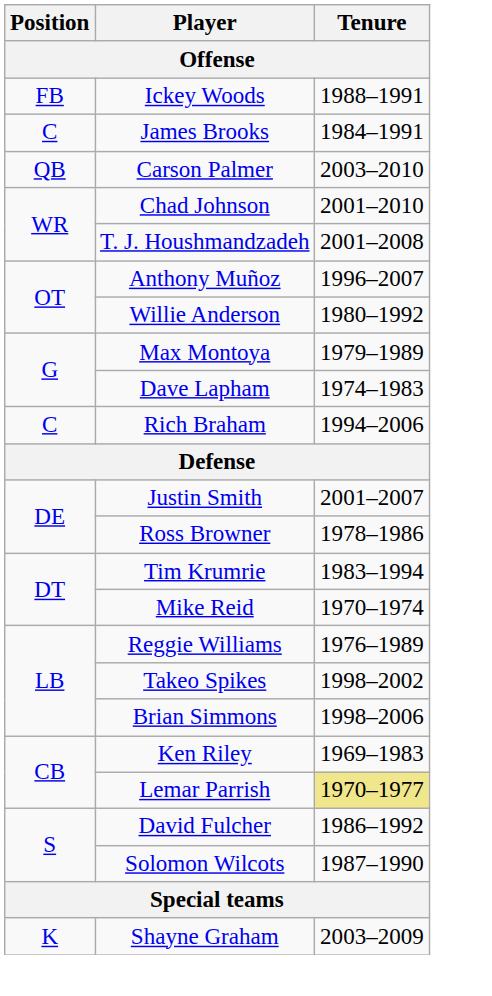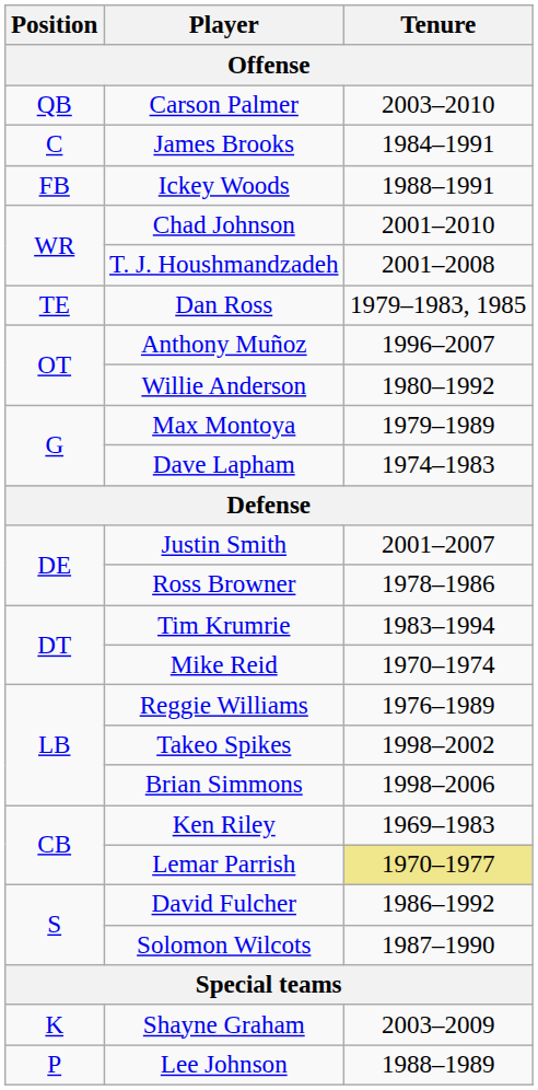 <table class="wikitable" style="text-align: center;">
 <tr>
 <th scope="col">Position</th>
 <th scope="col">Player</th>
 <th scope="col">Tenure</th>
 </tr>
 <tr>
 <th colspan="3">Offense</th>
 </tr>
 <tr>
-<td><a href='#'>FB</a></td>
-<td><a href='#'>Ickey Woods</a></td>
-<td>1988–1991</td>
+<td><a href='#'>QB</a></td>
+<td><a href='#'>Carson Palmer</a></td>
+<td>2003–2010</td>
 </tr>
 <tr>
 <td><a href='#'>C</a></td>
 <td><a href='#'>James Brooks</a></td>
 <td>1984–1991</td>
 </tr>
 <tr>
-<td><a href='#'>QB</a></td>
-<td><a href='#'>Carson Palmer</a></td>
-<td>2003–2010</td>
+<td><a href='#'>FB</a></td>
+<td><a href='#'>Ickey Woods</a></td>
+<td>1988–1991</td>
 </tr>
 <tr>
 <td rowspan="2"><a href='#'>WR</a></td>
 <td><a href='#'>Chad Johnson</a></td>
 <td>2001–2010</td>
 </tr>
 <tr>
 <td><a href='#'>T. J. Houshmandzadeh</a></td>
 <td>2001–2008</td>
+</tr>
+<tr>
+<td><a href='#'>TE</a></td>
+<td><a href='#'>Dan Ross</a></td>
+<td>1979–1983, 1985</td>
 </tr>
 <tr>
 <td rowspan="2"><a href='#'>OT</a></td>
 <td><a href='#'>Anthony Muñoz</a></td>
 <td>1996–2007</td>
 </tr>
 <tr>
 <td><a href='#'>Willie Anderson</a></td>
 <td>1980–1992</td>
 </tr>
 <tr>
 <td rowspan="2"><a href='#'>G</a></td>
 <td><a href='#'>Max Montoya</a></td>
 <td>1979–1989</td>
 </tr>
 <tr>
 <td><a href='#'>Dave Lapham</a></td>
 <td>1974–1983</td>
-</tr>
-<tr>
-<td><a href='#'>C</a></td>
-<td><a href='#'>Rich Braham</a></td>
-<td>1994–2006</td>
 </tr>
 <tr>
 <th colspan="3">Defense</th>
 </tr>
 <tr>
 <td rowspan="2"><a href='#'>DE</a></td>
 <td><a href='#'>Justin Smith</a></td>
 <td>2001–2007</td>
 </tr>
 <tr>
 <td><a href='#'>Ross Browner</a></td>
 <td>1978–1986</td>
 </tr>
 <tr>
 <td rowspan="2"><a href='#'>DT</a></td>
 <td><a href='#'>Tim Krumrie</a></td>
 <td>1983–1994</td>
 </tr>
 <tr>
 <td><a href='#'>Mike Reid</a></td>
 <td>1970–1974</td>
 </tr>
 <tr>
 <td rowspan="3"><a href='#'>LB</a></td>
 <td><a href='#'>Reggie Williams</a></td>
 <td>1976–1989</td>
 </tr>
 <tr>
 <td><a href='#'>Takeo Spikes</a></td>
 <td>1998–2002</td>
 </tr>
 <tr>
 <td><a href='#'>Brian Simmons</a></td>
 <td>1998–2006</td>
 </tr>
 <tr>
 <td rowspan="2"><a href='#'>CB</a></td>
 <td><a href='#'>Ken Riley</a></td>
 <td>1969–1983</td>
 </tr>
 <tr>
 <td><a href='#'>Lemar Parrish</a></td>
 <td style="background: khaki;">1970–1977</td>
 </tr>
 <tr>
 <td rowspan="2"><a href='#'>S</a></td>
 <td><a href='#'>David Fulcher</a></td>
 <td>1986–1992</td>
 </tr>
 <tr>
 <td><a href='#'>Solomon Wilcots</a></td>
 <td>1987–1990</td>
 </tr>
 <tr>
 <th colspan="3">Special teams</th>
 </tr>
 <tr>
 <td><a href='#'>K</a></td>
 <td><a href='#'>Shayne Graham</a></td>
 <td>2003–2009</td>
 </tr>
+<tr>
+<td><a href='#'>P</a></td>
+<td><a href='#'>Lee Johnson</a></td>
+<td>1988–1989</td>
+</tr>
 </table>
